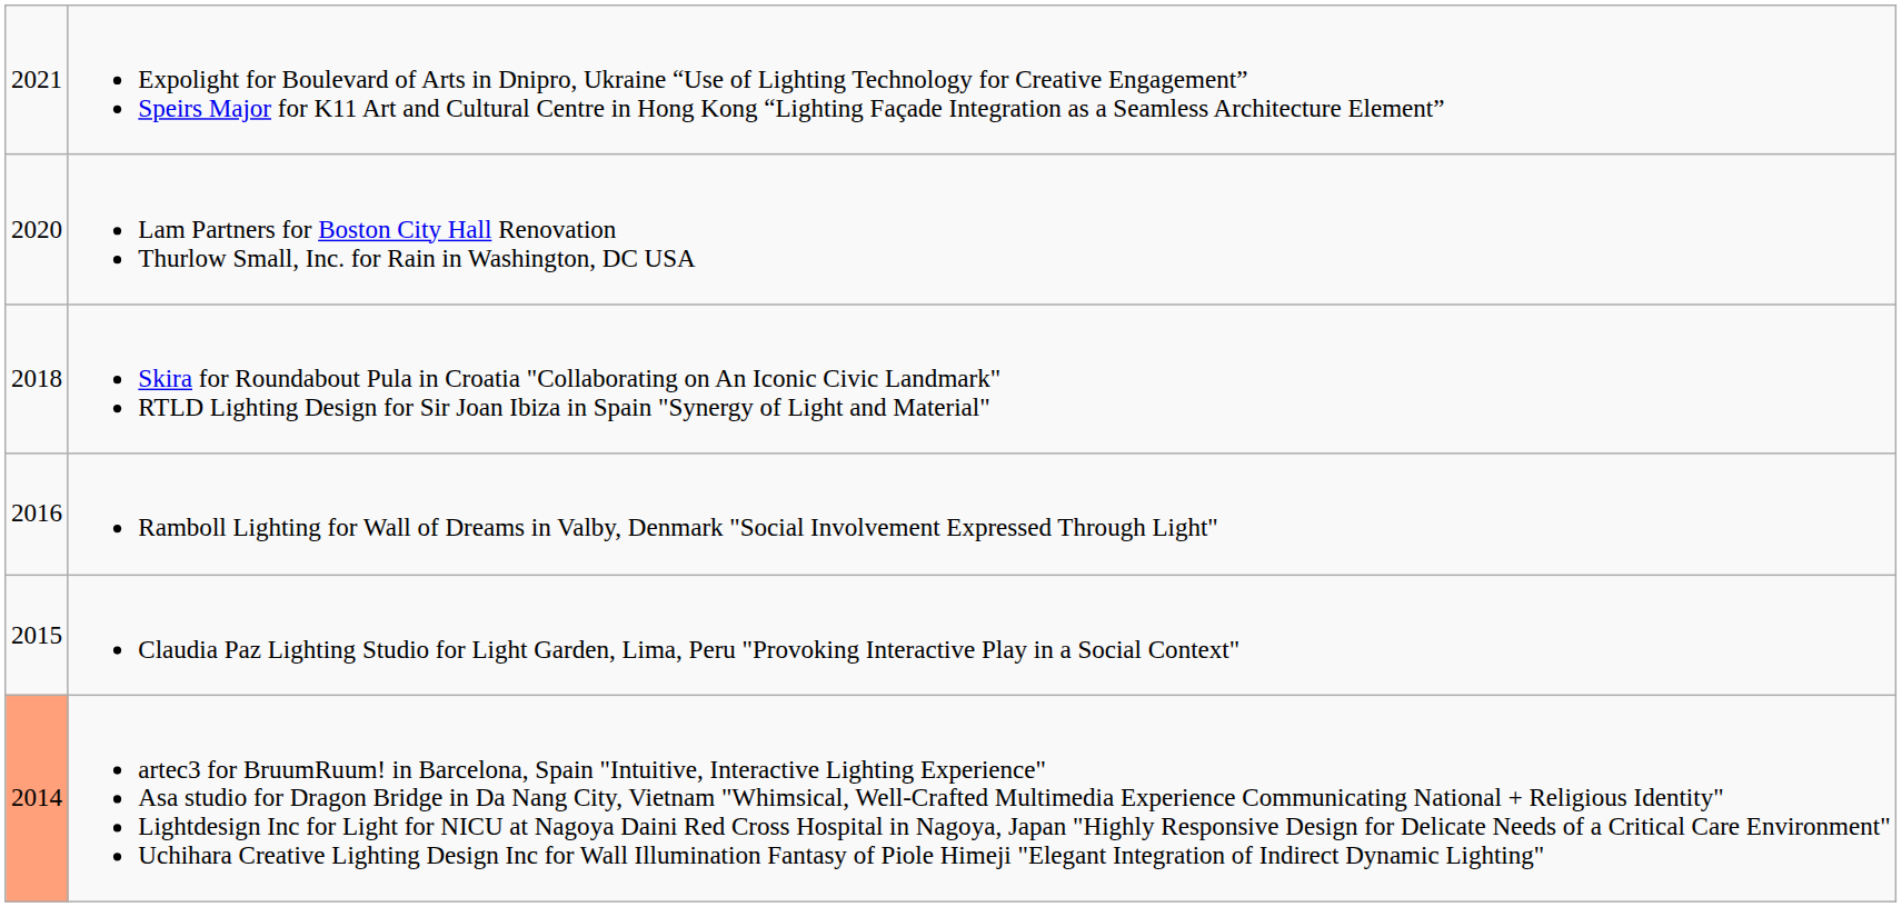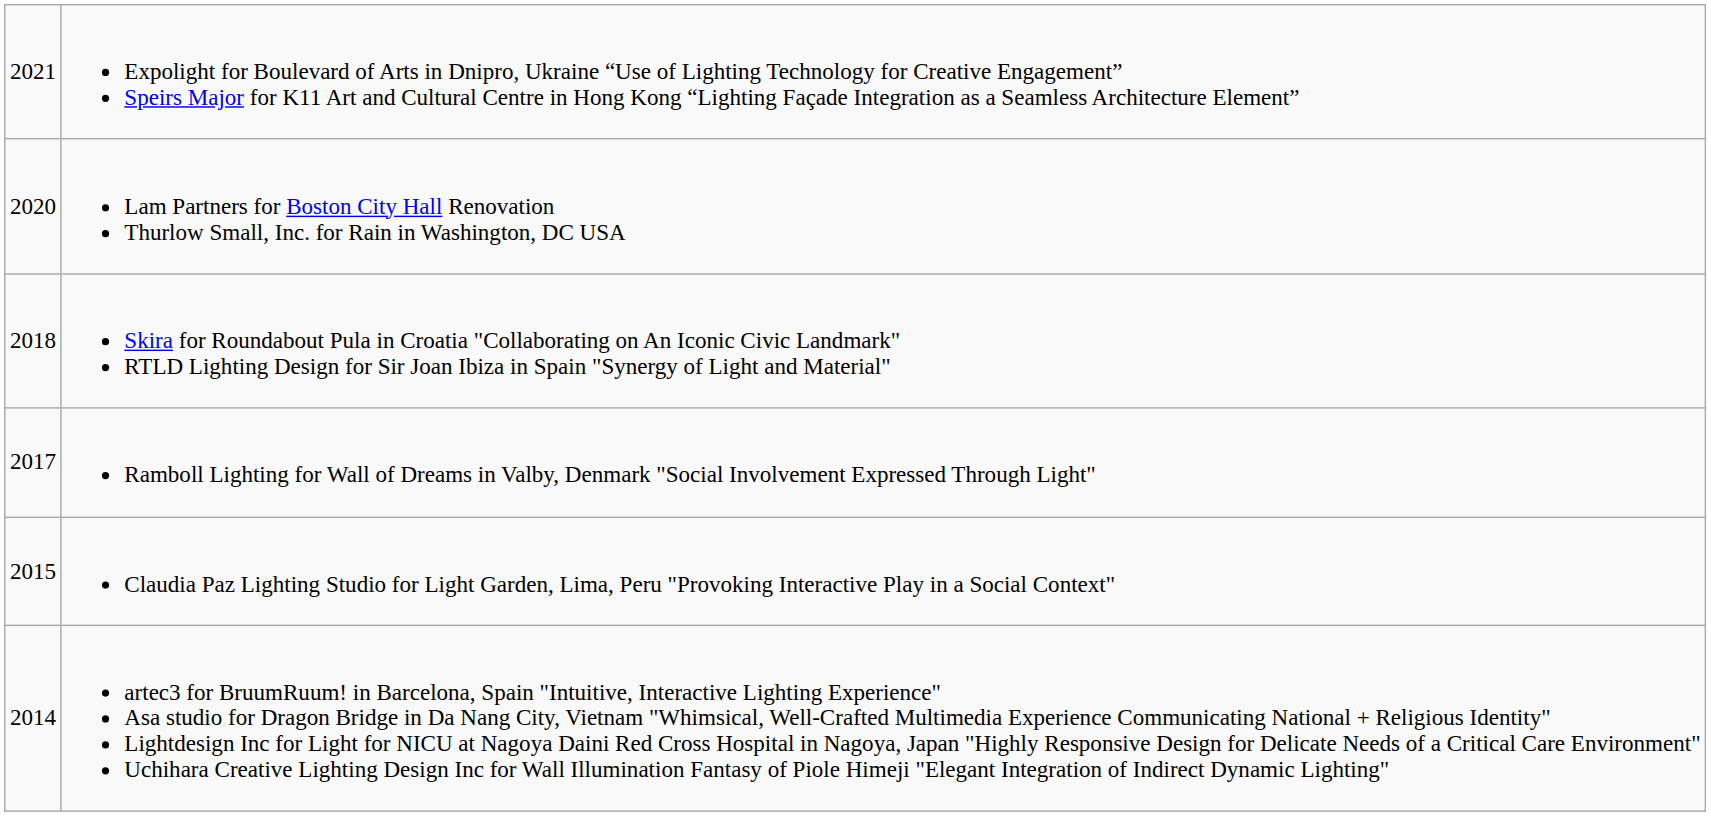 <table class="wikitable sortable">
 <tr>
 <td>2021</td>
 <td><br><ul><li>Expolight for Boulevard of Arts in Dnipro, Ukraine “Use of Lighting Technology for Creative Engagement”</li><li><a href='#'>Speirs Major</a> for K11 Art and Cultural Centre in Hong Kong “Lighting Façade Integration as a Seamless Architecture Element”</li></ul></td>
 </tr>
 <tr>
 <td>2020</td>
 <td><br><ul><li>Lam Partners for <a href='#'>Boston City Hall</a> Renovation</li><li>Thurlow Small, Inc. for Rain in Washington, DC USA</li></ul></td>
 </tr>
 <tr>
 <td>2018</td>
 <td><br><ul><li><a href='#'>Skira</a> for Roundabout Pula in Croatia "Collaborating on An Iconic Civic Landmark"</li><li>RTLD Lighting Design for Sir Joan Ibiza in Spain "Synergy of Light and Material"</li></ul></td>
 </tr>
 <tr>
-<td>2016</td>
+<td>2017</td>
 <td><br><ul><li>Ramboll Lighting for Wall of Dreams in Valby, Denmark "Social Involvement Expressed Through Light"</li></ul></td>
 </tr>
 <tr>
 <td>2015</td>
 <td><br><ul><li>Claudia Paz Lighting Studio for Light Garden, Lima, Peru "Provoking Interactive Play in a Social Context"</li></ul></td>
 </tr>
 <tr>
-<td style="background: lightsalmon;">2014</td>
+<td>2014</td>
 <td><br><ul><li>artec3 for BruumRuum! in Barcelona, Spain "Intuitive, Interactive Lighting Experience"</li><li>Asa studio for Dragon Bridge in Da Nang City, Vietnam "Whimsical, Well-Crafted Multimedia Experience Communicating National + Religious Identity"</li><li>Lightdesign Inc for Light for NICU at Nagoya Daini Red Cross Hospital in Nagoya, Japan "Highly Responsive Design for Delicate Needs of a Critical Care Environment"</li><li>Uchihara Creative Lighting Design Inc for Wall Illumination Fantasy of Piole Himeji "Elegant Integration of Indirect Dynamic Lighting"</li></ul></td>
 </tr>
 </table>
